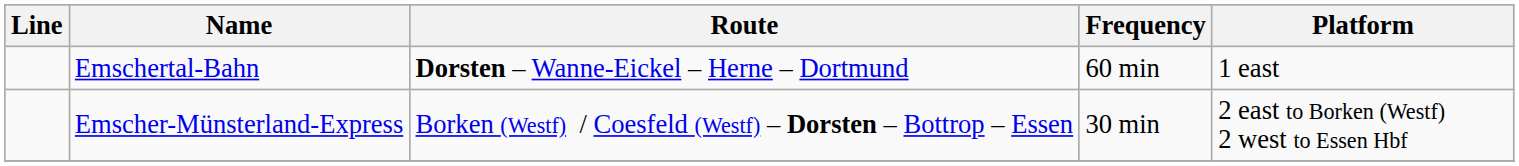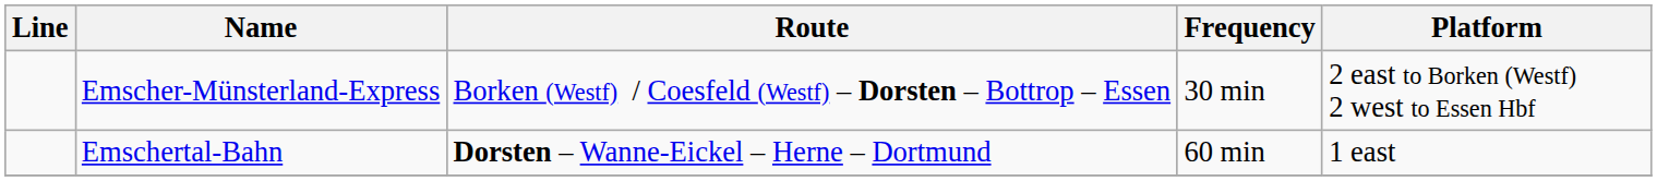 <table class="wikitable">
 <tr>
 <th>Line</th>
 <th>Name</th>
 <th>Route</th>
 <th>Frequency</th>
 <th width="20%">Platform</th>
 </tr>
 <tr>
 <td align="center"></td>
+<td><a href='#'>Emscher-Münsterland-Express</a></td>
+<td><a href='#'>Borken <small>(Westf)</small></a>  / <a href='#'>Coesfeld <small>(Westf)</small></a> – <strong>Dorsten</strong> –  <a href='#'>Bottrop</a> – <a href='#'>Essen</a></td>
+<td>30 min</td>
+<td>2 east <small>to Borken (Westf)</small><br>2 west <small>to Essen Hbf</small></td>
+</tr>
+<tr>
+<td align="center"></td>
 <td><a href='#'>Emschertal-Bahn</a></td>
 <td><strong>Dorsten</strong> –  <a href='#'>Wanne-Eickel</a> – <a href='#'>Herne</a> –  <a href='#'>Dortmund</a></td>
 <td>60 min</td>
 <td>1 east</td>
 </tr>
 <tr>
-<td align="center"></td>
-<td><a href='#'>Emscher-Münsterland-Express</a></td>
-<td><a href='#'>Borken <small>(Westf)</small></a>  / <a href='#'>Coesfeld <small>(Westf)</small></a> – <strong>Dorsten</strong> –  <a href='#'>Bottrop</a> – <a href='#'>Essen</a></td>
-<td>30 min</td>
-<td>2 east <small>to Borken (Westf)</small><br>2 west <small>to Essen Hbf</small></td>
-</tr>
-<tr>
 </tr>
 </table>
